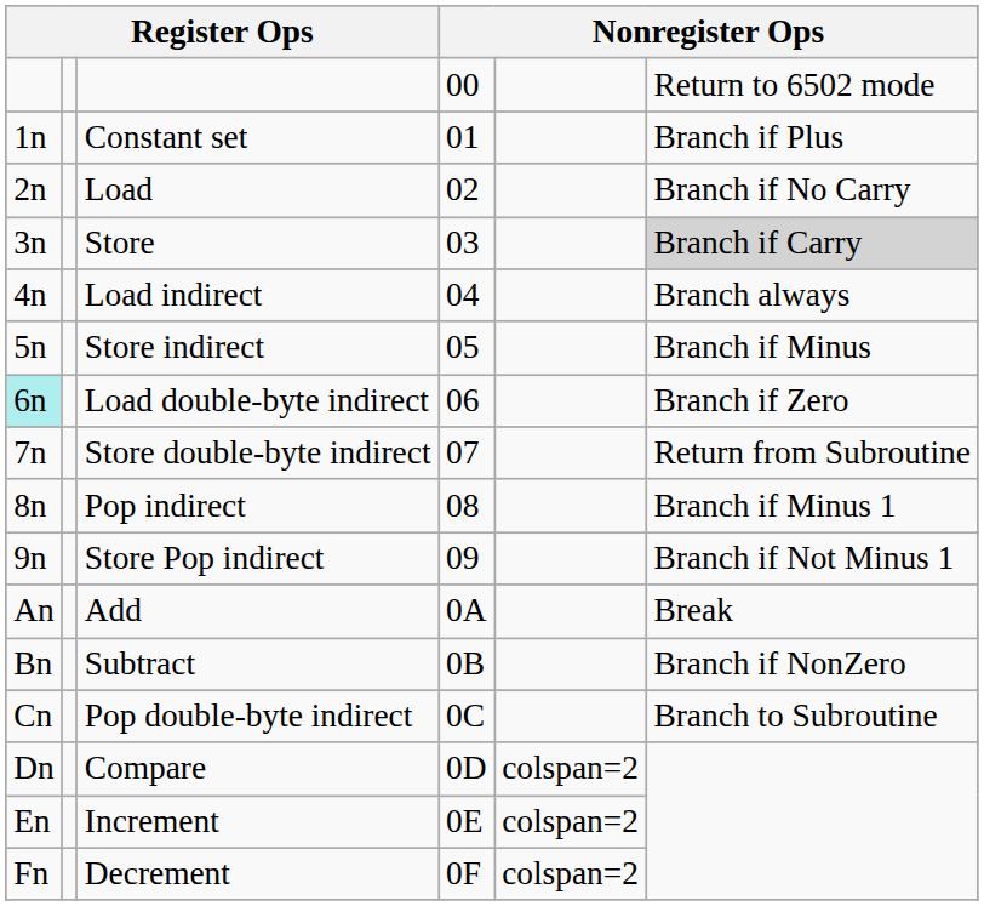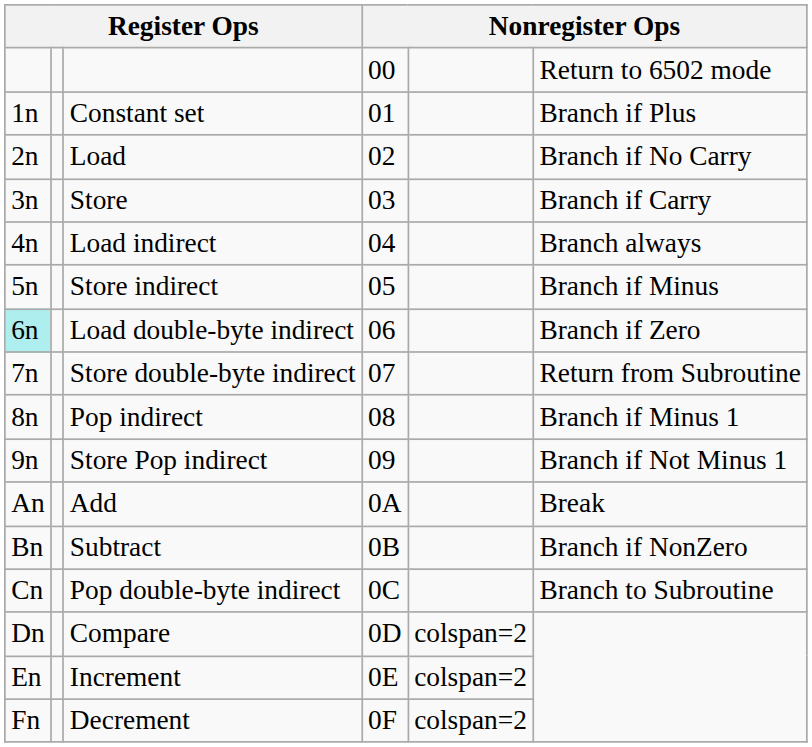 <table class="wikitable">
 <tr>
 <th colspan="3">Register Ops</th>
 <th colspan="3">Nonregister Ops</th>
 </tr>
 <tr>
 <td></td>
 <td></td>
 <td></td>
 <td>00</td>
 <td></td>
 <td>Return to 6502 mode</td>
 </tr>
 <tr>
 <td>1n</td>
 <td></td>
 <td>Constant set</td>
 <td>01</td>
 <td></td>
 <td>Branch if Plus</td>
 </tr>
 <tr>
 <td>2n</td>
 <td></td>
 <td>Load</td>
 <td>02</td>
 <td></td>
 <td>Branch if No Carry</td>
 </tr>
 <tr>
 <td>3n</td>
 <td></td>
 <td>Store</td>
 <td>03</td>
 <td></td>
-<td style="background: lightgrey;">Branch if Carry</td>
+<td>Branch if Carry</td>
 </tr>
 <tr>
 <td>4n</td>
 <td></td>
 <td>Load indirect</td>
 <td>04</td>
 <td></td>
 <td>Branch always</td>
 </tr>
 <tr>
 <td>5n</td>
 <td></td>
 <td>Store indirect</td>
 <td>05</td>
 <td></td>
 <td>Branch if Minus</td>
 </tr>
 <tr>
 <td style="background: paleturquoise;">6n</td>
 <td></td>
 <td>Load double-byte indirect</td>
 <td>06</td>
 <td></td>
 <td>Branch if Zero</td>
 </tr>
 <tr>
 <td>7n</td>
 <td></td>
 <td>Store double-byte indirect</td>
 <td>07</td>
 <td></td>
 <td>Return from Subroutine</td>
 </tr>
 <tr>
 <td>8n</td>
 <td></td>
 <td>Pop indirect</td>
 <td>08</td>
 <td></td>
 <td>Branch if Minus 1</td>
 </tr>
 <tr>
 <td>9n</td>
 <td></td>
 <td>Store Pop indirect</td>
 <td>09</td>
 <td></td>
 <td>Branch if Not Minus 1</td>
 </tr>
 <tr>
 <td>An</td>
 <td></td>
 <td>Add</td>
 <td>0A</td>
 <td></td>
 <td>Break</td>
 </tr>
 <tr>
 <td>Bn</td>
 <td></td>
 <td>Subtract</td>
 <td>0B</td>
 <td></td>
 <td>Branch if NonZero</td>
 </tr>
 <tr>
 <td>Cn</td>
 <td></td>
 <td>Pop double-byte indirect</td>
 <td>0C</td>
 <td></td>
 <td>Branch to Subroutine</td>
 </tr>
 <tr>
 <td>Dn</td>
 <td></td>
 <td>Compare</td>
 <td>0D</td>
 <td>colspan=2 </td>
 </tr>
 <tr>
 <td>En</td>
 <td></td>
 <td>Increment</td>
 <td>0E</td>
 <td>colspan=2 </td>
 </tr>
 <tr>
 <td>Fn</td>
 <td></td>
 <td>Decrement</td>
 <td>0F</td>
 <td>colspan=2 </td>
 </tr>
 </table>
